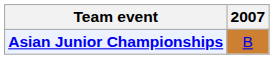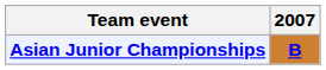 <table class="wikitable" style="font-size: 90%; text-align:center">
 <tr>
 <th>Team event</th>
 <th>2007</th>
 </tr>
 <tr>
 <td bgcolor="#ECF2FF"; align="left"><strong><a href='#'>Asian Junior Championships</a></strong></td>
-<td bgcolor=CD7F32><a href='#'>B</a></td>
+<td bgcolor=CD7F32><strong><a href='#'>B</a></strong></td>
 </tr>
 </table>
